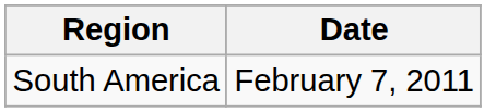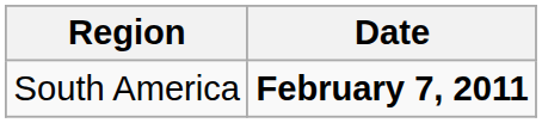 <table class="wikitable">
 <tr>
 <th>Region</th>
 <th>Date</th>
 </tr>
 <tr>
 <td>South America</td>
-<td>February 7, 2011</td>
+<td><strong>February 7, 2011</strong></td>
 </tr>
 </table>
